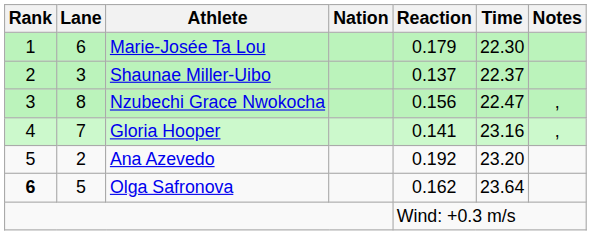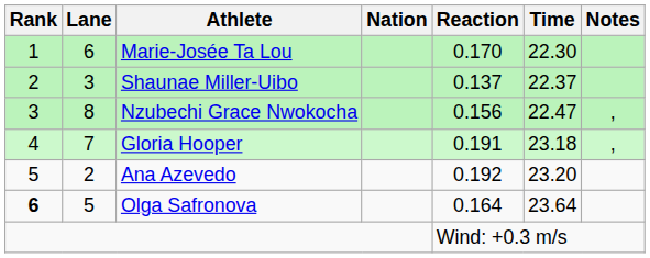 <table class="wikitable sortable" style="text-align:center">
 <tr>
 <th>Rank</th>
 <th>Lane</th>
 <th>Athlete</th>
 <th>Nation</th>
 <th>Reaction</th>
 <th>Time</th>
 <th>Notes</th>
 </tr>
 <tr bgcolor="#bbf3bb">
 <td>1</td>
 <td>6</td>
 <td align="left"><a href='#'>Marie-Josée Ta Lou</a></td>
 <td align="left"></td>
-<td>0.179</td>
+<td>0.170</td>
 <td>22.30</td>
 <td></td>
 </tr>
 <tr bgcolor="#bbf3bb">
 <td>2</td>
 <td>3</td>
 <td align="left"><a href='#'>Shaunae Miller-Uibo</a></td>
 <td align="left"></td>
 <td>0.137</td>
 <td>22.37</td>
 <td></td>
 </tr>
 <tr bgcolor="#bbf3bb">
 <td>3</td>
 <td>8</td>
 <td align="left"><a href='#'>Nzubechi Grace Nwokocha</a></td>
 <td align="left"></td>
 <td>0.156</td>
 <td>22.47</td>
 <td>, </td>
 </tr>
 <tr bgcolor="#ccf9cc">
 <td>4</td>
 <td>7</td>
 <td align="left"><a href='#'>Gloria Hooper</a></td>
 <td align="left"></td>
-<td>0.141</td>
-<td>23.16</td>
+<td>0.191</td>
+<td>23.18</td>
 <td>, </td>
 </tr>
 <tr>
 <td>5</td>
 <td>2</td>
 <td align="left"><a href='#'>Ana Azevedo</a></td>
 <td align="left"></td>
 <td>0.192</td>
 <td>23.20</td>
 <td></td>
 </tr>
 <tr>
 <td><strong>6</strong></td>
 <td>5</td>
 <td align="left"><a href='#'>Olga Safronova</a></td>
 <td align="left"></td>
-<td>0.162</td>
+<td>0.164</td>
 <td>23.64</td>
 <td></td>
 </tr>
 <tr class="sortbottom">
 <td colspan="4"></td>
 <td colspan="3" style="text-align:left;">Wind: +0.3 m/s</td>
 </tr>
 </table>
